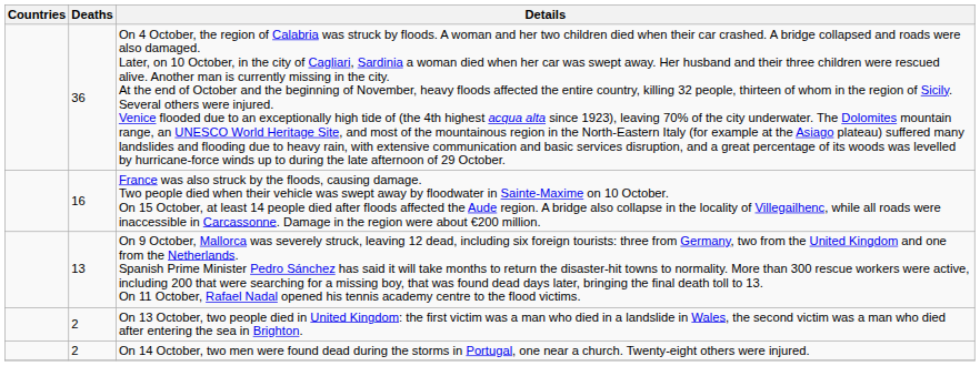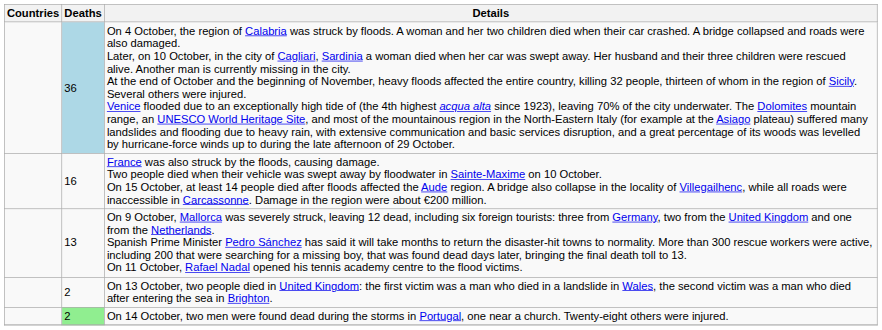 <table class ="wikitable">
 <tr>
 <th>Countries</th>
 <th>Deaths</th>
 <th>Details</th>
 </tr>
 <tr>
 <td></td>
-<td>36</td>
+<td style="background: lightblue;">36</td>
 <td>On 4 October, the region of <a href='#'>Calabria</a> was struck by floods. A woman and her two children died when their car crashed. A bridge collapsed and roads were also damaged.<br>Later, on 10 October, in the city of <a href='#'>Cagliari</a>, <a href='#'>Sardinia</a> a woman died when her car was swept away. Her husband and their three children were rescued alive. Another man is currently missing in the city.<br>At the end of October and the beginning of November, heavy floods affected the entire country, killing 32 people, thirteen of whom in the region of <a href='#'>Sicily</a>. Several others were injured.<br><a href='#'>Venice</a> flooded due to an exceptionally high tide of  (the 4th highest <em><a href='#'>acqua alta</a></em> since 1923), leaving 70% of the city underwater. The <a href='#'>Dolomites</a> mountain range, an <a href='#'>UNESCO World Heritage Site</a>, and most of the mountainous region in the North-Eastern Italy (for example at the <a href='#'>Asiago</a> plateau) suffered many landslides and flooding due to heavy rain, with extensive communication and basic services disruption, and a great percentage of its woods was levelled by hurricane-force winds up to  during the late afternoon of 29 October.</td>
 </tr>
 <tr>
 <td></td>
 <td>16</td>
 <td><a href='#'>France</a> was also struck by the floods, causing damage.<br>Two people died when their vehicle was swept away by floodwater in <a href='#'>Sainte-Maxime</a> on 10 October.<br>On 15 October, at least 14 people died after floods affected the <a href='#'>Aude</a> region. A bridge also collapse in the locality of <a href='#'>Villegailhenc</a>, while all roads were inaccessible in <a href='#'>Carcassonne</a>. Damage in the region were about €200 million.</td>
 </tr>
 <tr>
 <td></td>
 <td>13</td>
 <td>On 9 October, <a href='#'>Mallorca</a> was severely struck, leaving 12 dead, including six foreign tourists: three from <a href='#'>Germany</a>, two from the <a href='#'>United Kingdom</a> and one from the <a href='#'>Netherlands</a>.<br>Spanish Prime Minister <a href='#'>Pedro Sánchez</a> has said it will take months to return the disaster-hit towns to normality. More than 300 rescue workers were active, including 200 that were searching for a missing boy, that was found dead days later, bringing the final death toll to 13.<br>On 11 October, <a href='#'>Rafael Nadal</a> opened his tennis academy centre to the flood victims.</td>
 </tr>
 <tr>
 <td></td>
 <td>2</td>
 <td>On 13 October, two people died in <a href='#'>United Kingdom</a>: the first victim was a man who died in a landslide in <a href='#'>Wales</a>, the second victim was a man who died after entering the sea in <a href='#'>Brighton</a>.</td>
 </tr>
 <tr>
 <td></td>
-<td>2</td>
+<td style="background: lightgreen;">2</td>
 <td>On 14 October, two men were found dead during the storms in <a href='#'>Portugal</a>, one near a church. Twenty-eight others were injured.</td>
 </tr>
 <tr>
 </tr>
 </table>
